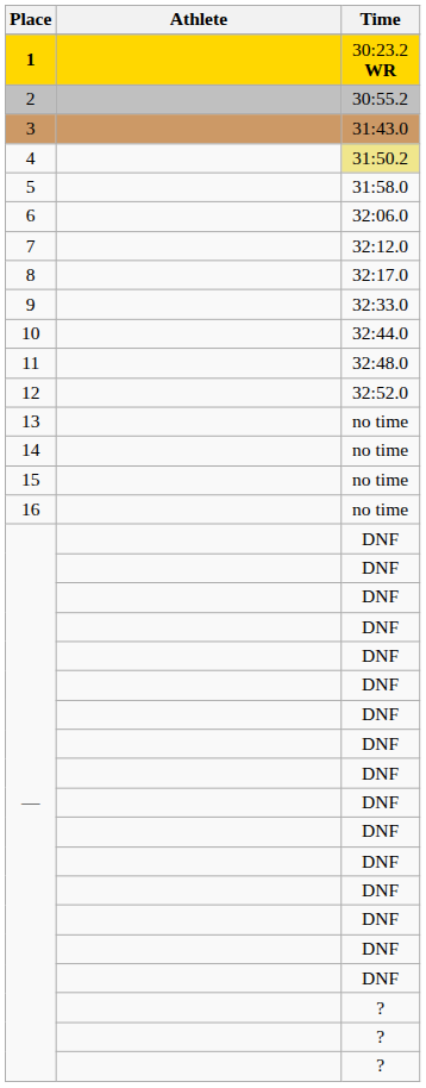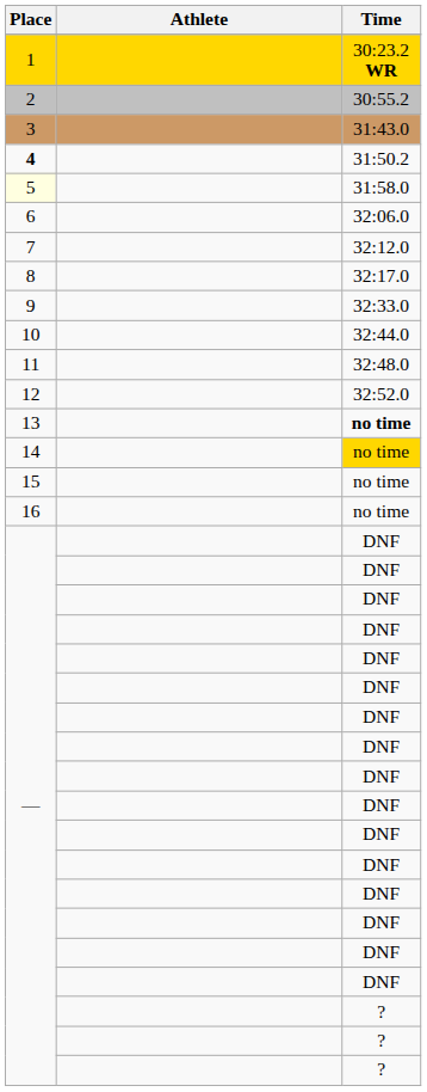 <table class=wikitable style="text-align:center">
 <tr>
 <th width=20>Place</th>
 <th width=240>Athlete</th>
 <th width=60>Time</th>
 </tr>
 <tr>
 </tr>
 <tr bgcolor=gold>
-<td><strong>1</strong></td>
+<td>1</td>
 <td align=left></td>
 <td>30:23.2 <strong>WR</strong></td>
 </tr>
 <tr bgcolor=silver>
 <td>2</td>
 <td align=left></td>
 <td>30:55.2</td>
 </tr>
 <tr bgcolor=cc9966>
 <td>3</td>
 <td align=left></td>
 <td>31:43.0</td>
 </tr>
 <tr>
-<td>4</td>
+<td><strong>4</strong></td>
 <td align=left></td>
-<td style="background: khaki;">31:50.2</td>
+<td>31:50.2</td>
 </tr>
 <tr>
-<td>5</td>
+<td style="background: lightyellow;">5</td>
 <td align=left></td>
 <td>31:58.0</td>
 </tr>
 <tr>
 <td>6</td>
 <td align=left></td>
 <td>32:06.0</td>
 </tr>
 <tr>
 <td>7</td>
 <td align=left></td>
 <td>32:12.0</td>
 </tr>
 <tr>
 <td>8</td>
 <td align=left></td>
 <td>32:17.0</td>
 </tr>
 <tr>
 <td>9</td>
 <td align=left></td>
 <td>32:33.0</td>
 </tr>
 <tr>
 <td>10</td>
 <td align=left></td>
 <td>32:44.0</td>
 </tr>
 <tr>
 <td>11</td>
 <td align=left></td>
 <td>32:48.0</td>
 </tr>
 <tr>
 <td>12</td>
 <td align=left></td>
 <td>32:52.0</td>
 </tr>
 <tr>
 <td>13</td>
 <td align=left></td>
-<td>no time</td>
+<td><strong>no time</strong></td>
 </tr>
 <tr>
 <td>14</td>
 <td align=left></td>
-<td>no time</td>
+<td style="background: gold;">no time</td>
 </tr>
 <tr>
 <td>15</td>
 <td align=left></td>
 <td>no time</td>
 </tr>
 <tr>
 <td>16</td>
 <td align=left></td>
 <td>no time</td>
 </tr>
 <tr>
 <td rowspan=19>—</td>
 <td align=left></td>
 <td>DNF</td>
 </tr>
 <tr>
 <td align=left></td>
 <td>DNF</td>
 </tr>
 <tr>
 <td align=left></td>
 <td>DNF</td>
 </tr>
 <tr>
 <td align=left></td>
 <td>DNF</td>
 </tr>
 <tr>
 <td align=left></td>
 <td>DNF</td>
 </tr>
 <tr>
 <td align=left></td>
 <td>DNF</td>
 </tr>
 <tr>
 <td align=left></td>
 <td>DNF</td>
 </tr>
 <tr>
 <td align=left></td>
 <td>DNF</td>
 </tr>
 <tr>
 <td align=left></td>
 <td>DNF</td>
 </tr>
 <tr>
 <td align=left></td>
 <td>DNF</td>
 </tr>
 <tr>
 <td align=left></td>
 <td>DNF</td>
 </tr>
 <tr>
 <td align=left></td>
 <td>DNF</td>
 </tr>
 <tr>
 <td align=left></td>
 <td>DNF</td>
 </tr>
 <tr>
 <td align=left></td>
 <td>DNF</td>
 </tr>
 <tr>
 <td align=left></td>
 <td>DNF</td>
 </tr>
 <tr>
 <td align=left></td>
 <td>DNF</td>
 </tr>
 <tr>
 <td align=left></td>
 <td>?</td>
 </tr>
 <tr>
 <td align=left></td>
 <td>?</td>
 </tr>
 <tr>
 <td align=left></td>
 <td>?</td>
 </tr>
 </table>
